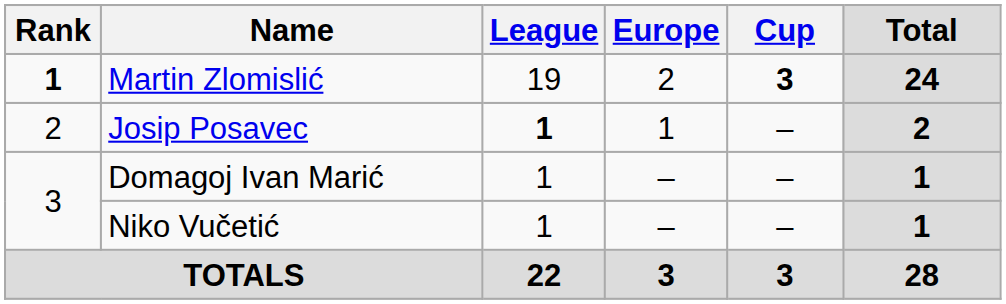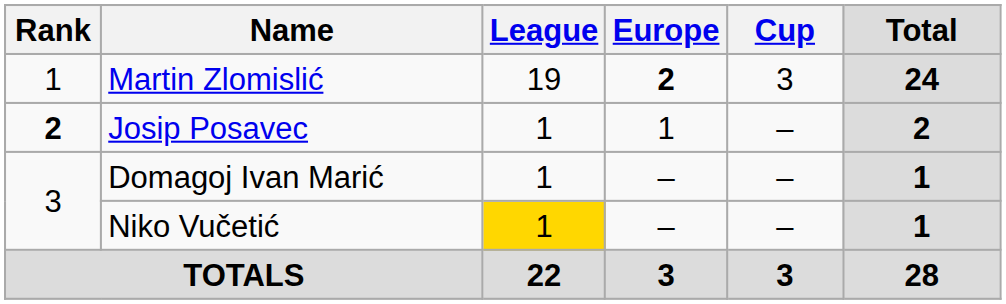 <table class="wikitable" style="font-size: 95%; text-align: center;">
 <tr>
 <th width=40>Rank</th>
 <th width=180>Name</th>
 <th width=50><a href='#'>League</a></th>
 <th width=50><a href='#'>Europe</a></th>
 <th width=50><a href='#'>Cup</a></th>
 <th width=70 style="background: #DCDCDC">Total</th>
 </tr>
 <tr>
-<td><strong>1</strong></td>
+<td>1</td>
 <td style="text-align:left;"> <a href='#'>Martin Zlomislić</a></td>
 <td>19</td>
-<td>2</td>
-<td><strong>3</strong></td>
+<td><strong>2</strong></td>
+<td>3</td>
 <th style="background: #DCDCDC">24</th>
 </tr>
 <tr>
-<td>2</td>
+<td><strong>2</strong></td>
 <td style="text-align:left;"> <a href='#'>Josip Posavec</a></td>
-<td><strong>1</strong></td>
+<td>1</td>
 <td>1</td>
 <td>–</td>
 <th style="background: #DCDCDC">2</th>
 </tr>
 <tr>
 <td rowspan=2>3</td>
 <td style="text-align:left;"> Domagoj Ivan Marić</td>
 <td>1</td>
 <td>–</td>
 <td>–</td>
 <th style="background: #DCDCDC">1</th>
 </tr>
 <tr>
 <td style="text-align:left;"> Niko Vučetić</td>
-<td>1</td>
+<td style="background: gold;">1</td>
 <td>–</td>
 <td>–</td>
 <th style="background: #DCDCDC">1</th>
 </tr>
 <tr>
 <th colspan="2" align="center" style="background: #DCDCDC">TOTALS</th>
 <th style="background: #DCDCDC">22</th>
 <th style="background: #DCDCDC">3</th>
 <th style="background: #DCDCDC">3</th>
 <th style="background: #DCDCDC">28</th>
 </tr>
 </table>
